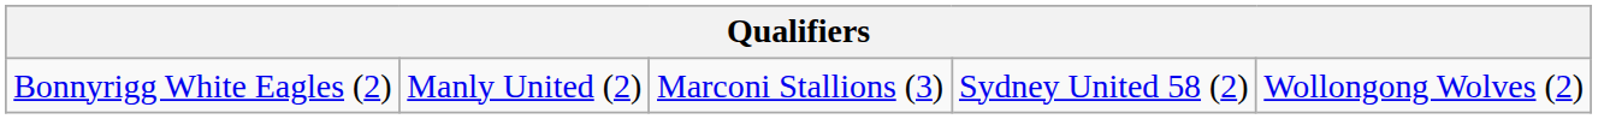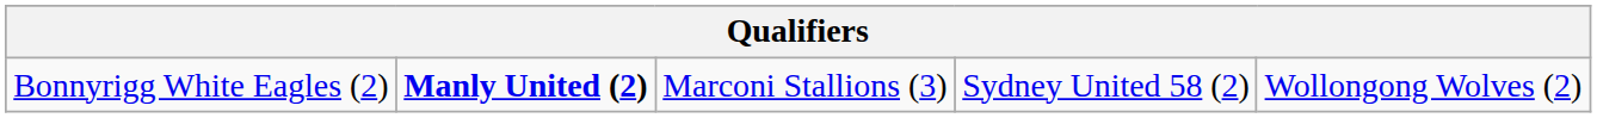 <table class="wikitable" style="text-align:center">
 <tr>
 <th colspan=5>Qualifiers</th>
 </tr>
 <tr>
 <td><a href='#'>Bonnyrigg White Eagles</a> (<a href='#'>2</a>)</td>
-<td><a href='#'>Manly United</a> (<a href='#'>2</a>)</td>
+<td><strong><a href='#'>Manly United</a> (<a href='#'>2</a>)</strong></td>
 <td><a href='#'>Marconi Stallions</a> (<a href='#'>3</a>)</td>
 <td><a href='#'>Sydney United 58</a> (<a href='#'>2</a>)</td>
 <td><a href='#'>Wollongong Wolves</a> (<a href='#'>2</a>)</td>
 </tr>
 </table>
